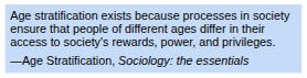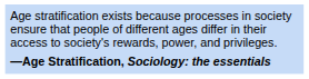 <table class="toccolours" style="float: right; margin-left: 1em; margin-right: 2em; font-size: 85%; background:#c6dbf7; width:25em;" cellspacing="5">
 <tr>
 <td style="text-align: left;">Age stratification exists because processes in society ensure that people of different ages differ in their access to society's rewards, power, and privileges.</td>
 </tr>
 <tr>
-<td style="text-align: left;">—Age Stratification, <em>Sociology: the essentials</em></td>
+<td style="text-align: left;"><strong>—Age Stratification, <em>Sociology: the essentials</em></strong></td>
 </tr>
 </table>
